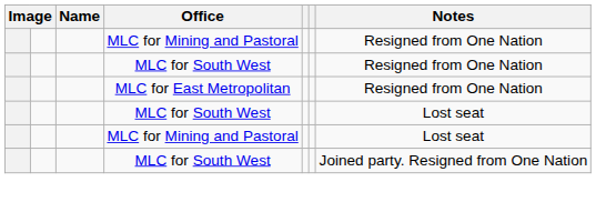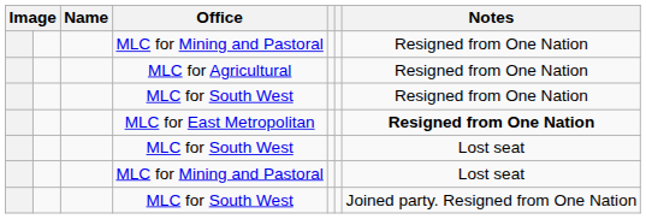 <table class="wikitable" style="text-align:center" "width:100%">
 <tr>
 <th colspan=2>Image</th>
 <th>Name<br></th>
 <th>Office</th>
 <th></th>
 <th></th>
 <th>Notes</th>
 </tr>
 <tr>
 <th style="background:"></th>
 <td></td>
 <td><br></td>
 <td><a href='#'>MLC</a> for <a href='#'>Mining and Pastoral</a></td>
 <td></td>
 <td></td>
 <td>Resigned from One Nation</td>
 </tr>
 <tr>
 <th style="background:"></th>
 <td></td>
 <td><br></td>
+<td><a href='#'>MLC</a> for <a href='#'>Agricultural</a></td>
+<td></td>
+<td></td>
+<td>Resigned from One Nation</td>
+</tr>
+<tr>
+<th style="background:"></th>
+<td></td>
+<td><br></td>
 <td><a href='#'>MLC</a> for <a href='#'>South West</a></td>
 <td></td>
 <td></td>
 <td>Resigned from One Nation</td>
 </tr>
 <tr>
 <th style="background:"></th>
 <td></td>
 <td><br></td>
 <td><a href='#'>MLC</a> for <a href='#'>East Metropolitan</a></td>
 <td></td>
 <td></td>
-<td>Resigned from One Nation</td>
+<td><strong>Resigned from One Nation</strong></td>
 </tr>
 <tr>
 <th style="background:"></th>
 <td></td>
 <td><br></td>
 <td><a href='#'>MLC</a> for <a href='#'>South West</a></td>
 <td></td>
 <td></td>
 <td>Lost seat</td>
 </tr>
 <tr>
 <th style="background:"></th>
 <td></td>
 <td><br></td>
 <td><a href='#'>MLC</a> for <a href='#'>Mining and Pastoral</a></td>
 <td></td>
 <td></td>
 <td>Lost seat</td>
 </tr>
 <tr>
 <th style="background:"></th>
 <td></td>
 <td><br></td>
 <td><a href='#'>MLC</a> for <a href='#'>South West</a></td>
 <td></td>
 <td></td>
 <td>Joined party. Resigned from One Nation</td>
 </tr>
 </table>
